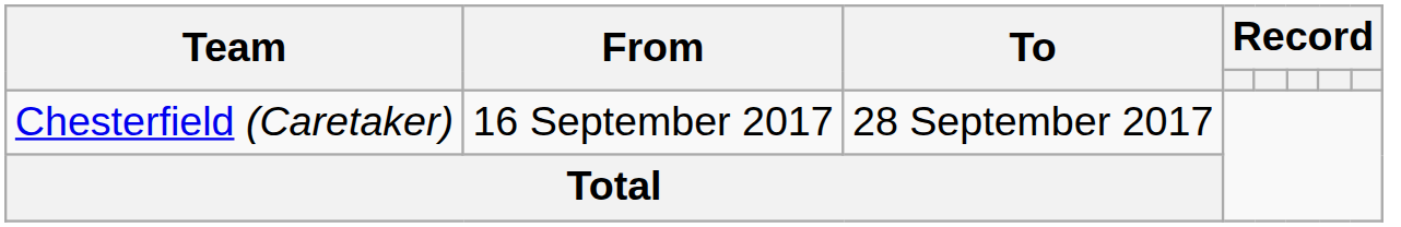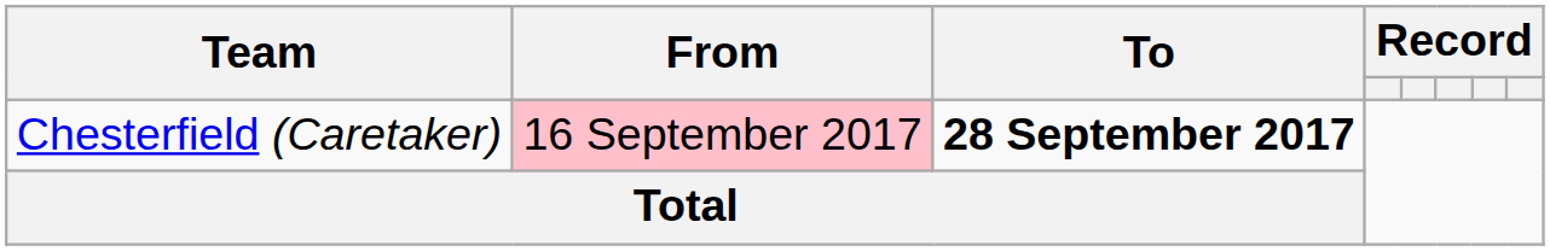 <table class=wikitable style="text-align: center">
 <tr>
 <th rowspan=2>Team</th>
 <th rowspan=2>From</th>
 <th rowspan=2>To</th>
 <th colspan=5>Record</th>
 </tr>
 <tr>
 <th></th>
 <th></th>
 <th></th>
 <th></th>
 <th></th>
 </tr>
 <tr>
 <td align="left"><a href='#'>Chesterfield</a> <em>(Caretaker)</em></td>
-<td align="left">16 September 2017</td>
-<td align="left">28 September 2017<br></td>
+<td align="left" style="background: pink;">16 September 2017</td>
+<td align="left"><strong>28 September 2017<br></strong></td>
 </tr>
 <tr>
 <th colspan="3">Total<br></th>
 </tr>
 </table>
